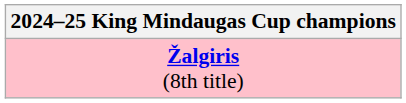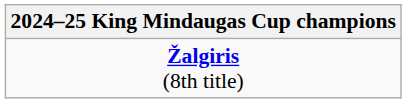 <table class=wikitable style="text-align:center; margin:auto">
 <tr>
 <th>2024–25 King Mindaugas Cup champions</th>
 </tr>
 <tr>
-<td style="background: pink;"><strong><a href='#'>Žalgiris</a></strong><br>(8th title)</td>
+<td><strong><a href='#'>Žalgiris</a></strong><br>(8th title)</td>
 </tr>
 </table>
